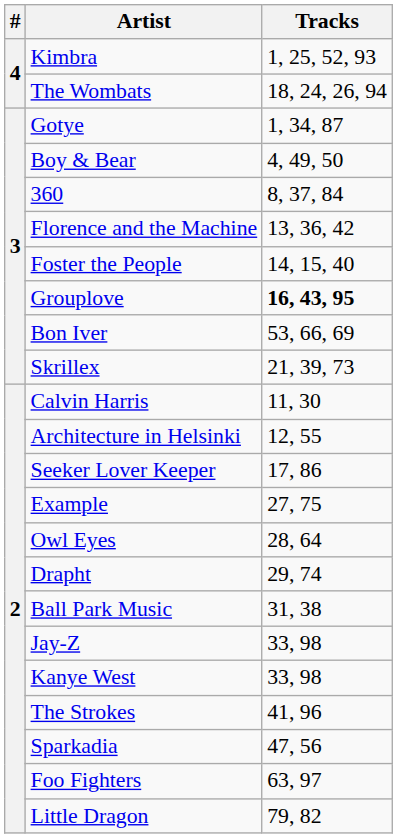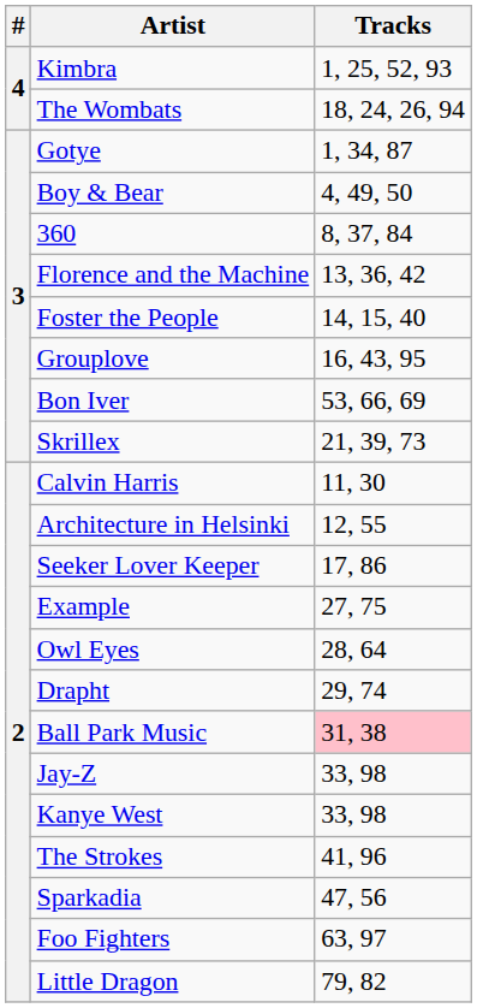 <table class="wikitable sortable">
 <tr>
 <th>#</th>
 <th>Artist</th>
 <th>Tracks</th>
 </tr>
 <tr>
 <th rowspan="2">4</th>
 <td><a href='#'>Kimbra</a></td>
 <td>1, 25, 52, 93</td>
 </tr>
 <tr>
 <td><a href='#'>The Wombats</a></td>
 <td>18, 24, 26, 94</td>
 </tr>
 <tr>
 <th rowspan="8">3</th>
 <td><a href='#'>Gotye</a></td>
 <td>1, 34, 87</td>
 </tr>
 <tr>
 <td><a href='#'>Boy & Bear</a></td>
 <td>4, 49, 50</td>
 </tr>
 <tr>
 <td><a href='#'>360</a></td>
 <td>8, 37, 84</td>
 </tr>
 <tr>
 <td><a href='#'>Florence and the Machine</a></td>
 <td>13, 36, 42</td>
 </tr>
 <tr>
 <td><a href='#'>Foster the People</a></td>
 <td>14, 15, 40</td>
 </tr>
 <tr>
 <td><a href='#'>Grouplove</a></td>
-<td><strong>16, 43, 95</strong></td>
+<td>16, 43, 95</td>
 </tr>
 <tr>
 <td><a href='#'>Bon Iver</a></td>
 <td>53, 66, 69</td>
 </tr>
 <tr>
 <td><a href='#'>Skrillex</a></td>
 <td>21, 39, 73</td>
 </tr>
 <tr>
 <th rowspan="13">2</th>
 <td><a href='#'>Calvin Harris</a></td>
 <td>11, 30</td>
 </tr>
 <tr>
 <td><a href='#'>Architecture in Helsinki</a></td>
 <td>12, 55</td>
 </tr>
 <tr>
 <td><a href='#'>Seeker Lover Keeper</a></td>
 <td>17, 86</td>
 </tr>
 <tr>
 <td><a href='#'>Example</a></td>
 <td>27, 75</td>
 </tr>
 <tr>
 <td><a href='#'>Owl Eyes</a></td>
 <td>28, 64</td>
 </tr>
 <tr>
 <td><a href='#'>Drapht</a></td>
 <td>29, 74</td>
 </tr>
 <tr>
 <td><a href='#'>Ball Park Music</a></td>
-<td>31, 38</td>
+<td style="background: pink;">31, 38</td>
 </tr>
 <tr>
 <td><a href='#'>Jay-Z</a></td>
 <td>33, 98</td>
 </tr>
 <tr>
 <td><a href='#'>Kanye West</a></td>
 <td>33, 98</td>
 </tr>
 <tr>
 <td><a href='#'>The Strokes</a></td>
 <td>41, 96</td>
 </tr>
 <tr>
 <td><a href='#'>Sparkadia</a></td>
 <td>47, 56</td>
 </tr>
 <tr>
 <td><a href='#'>Foo Fighters</a></td>
 <td>63, 97</td>
 </tr>
 <tr>
 <td><a href='#'>Little Dragon</a></td>
 <td>79, 82</td>
 </tr>
 </table>
